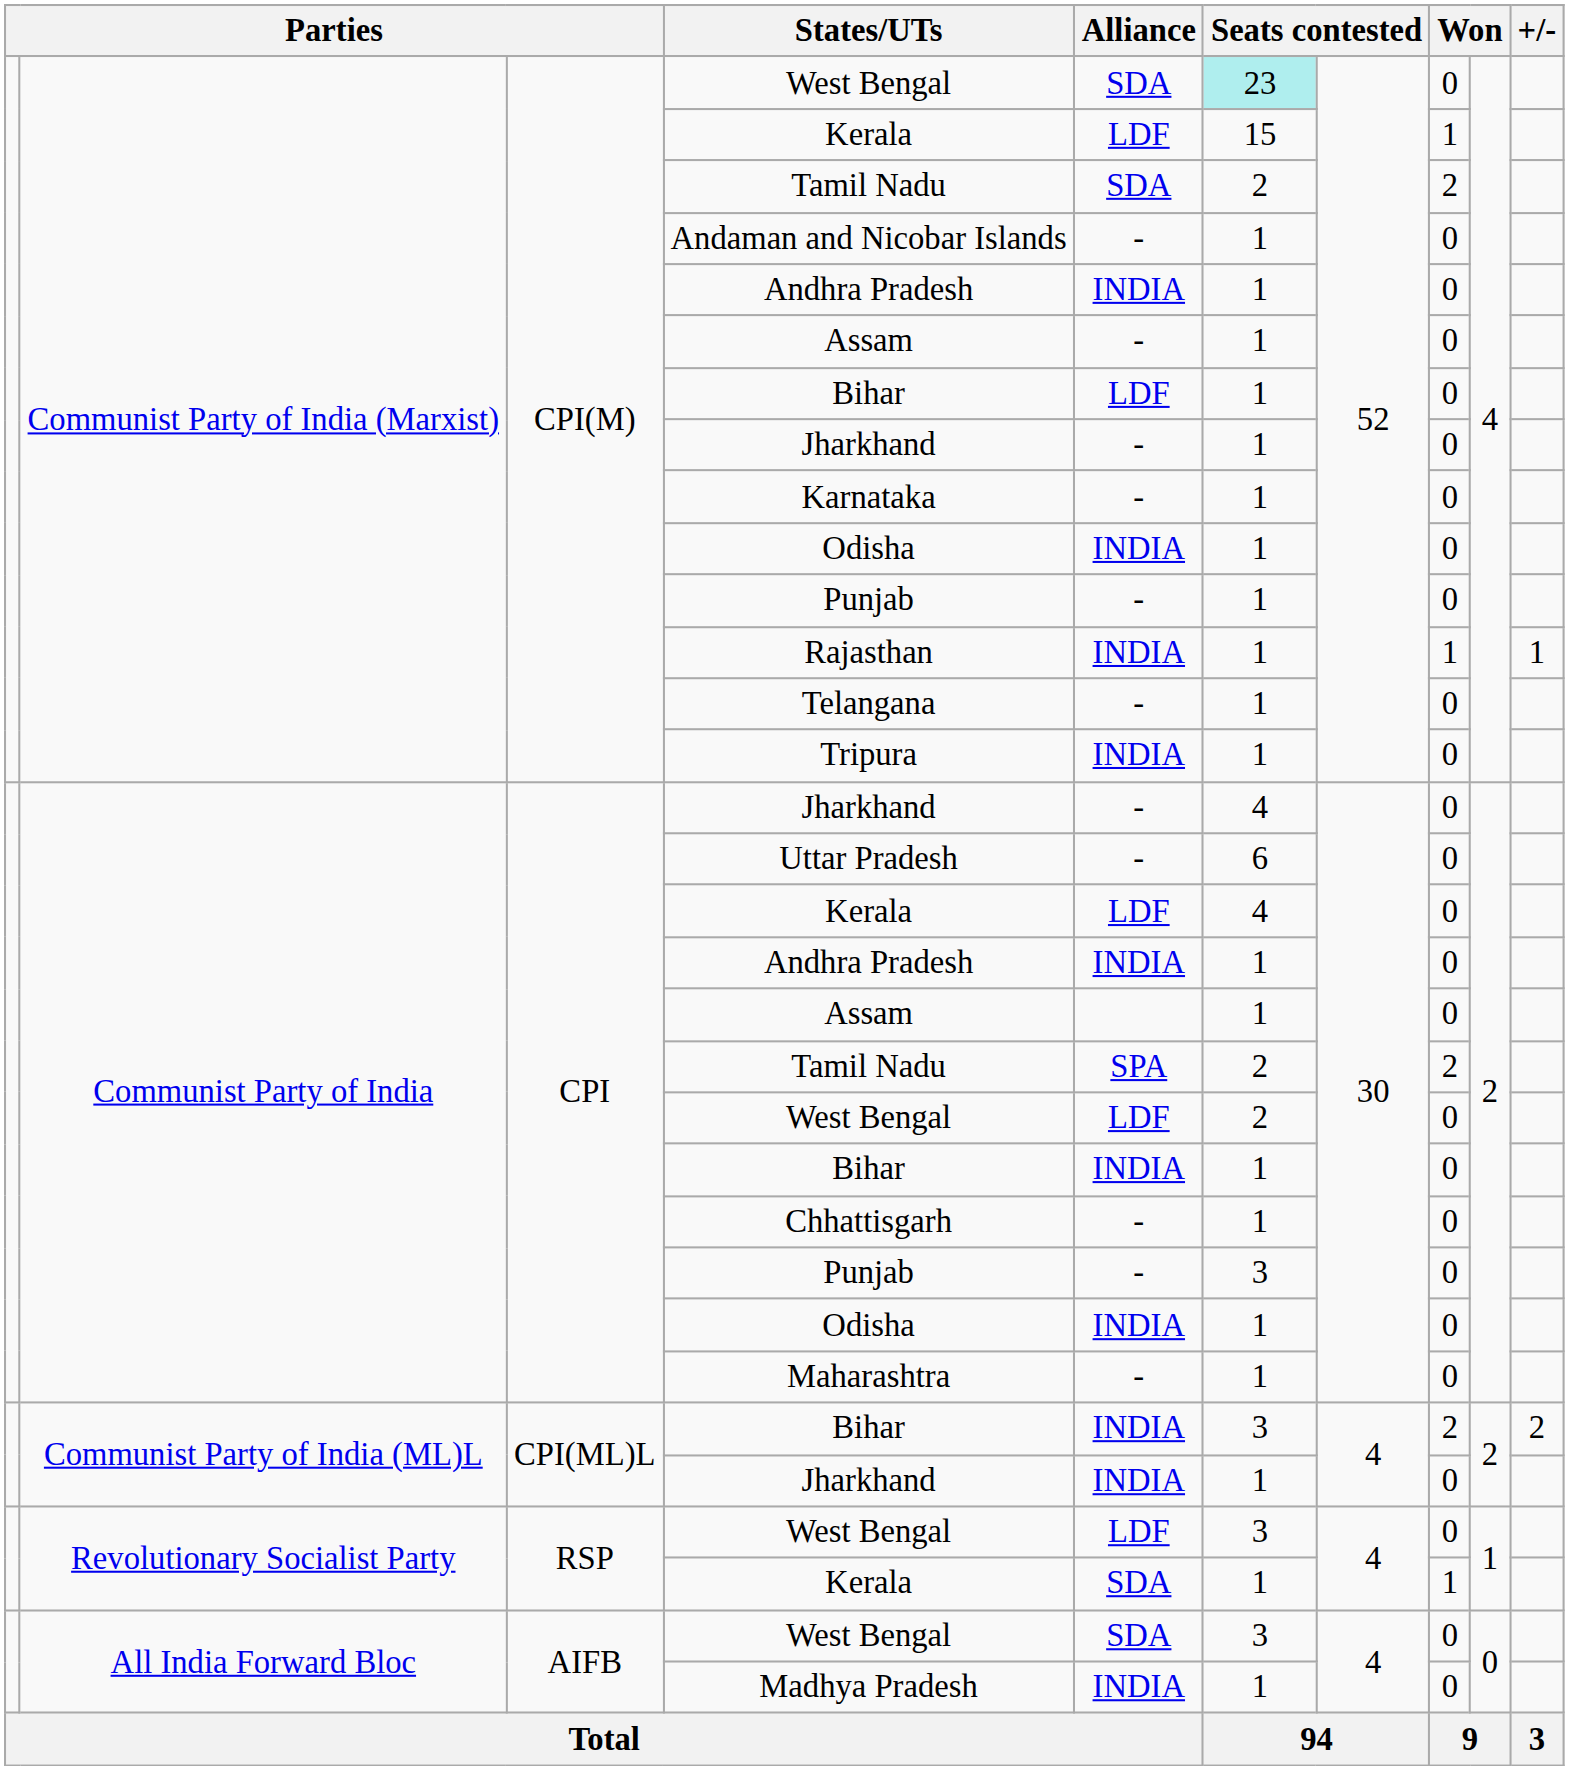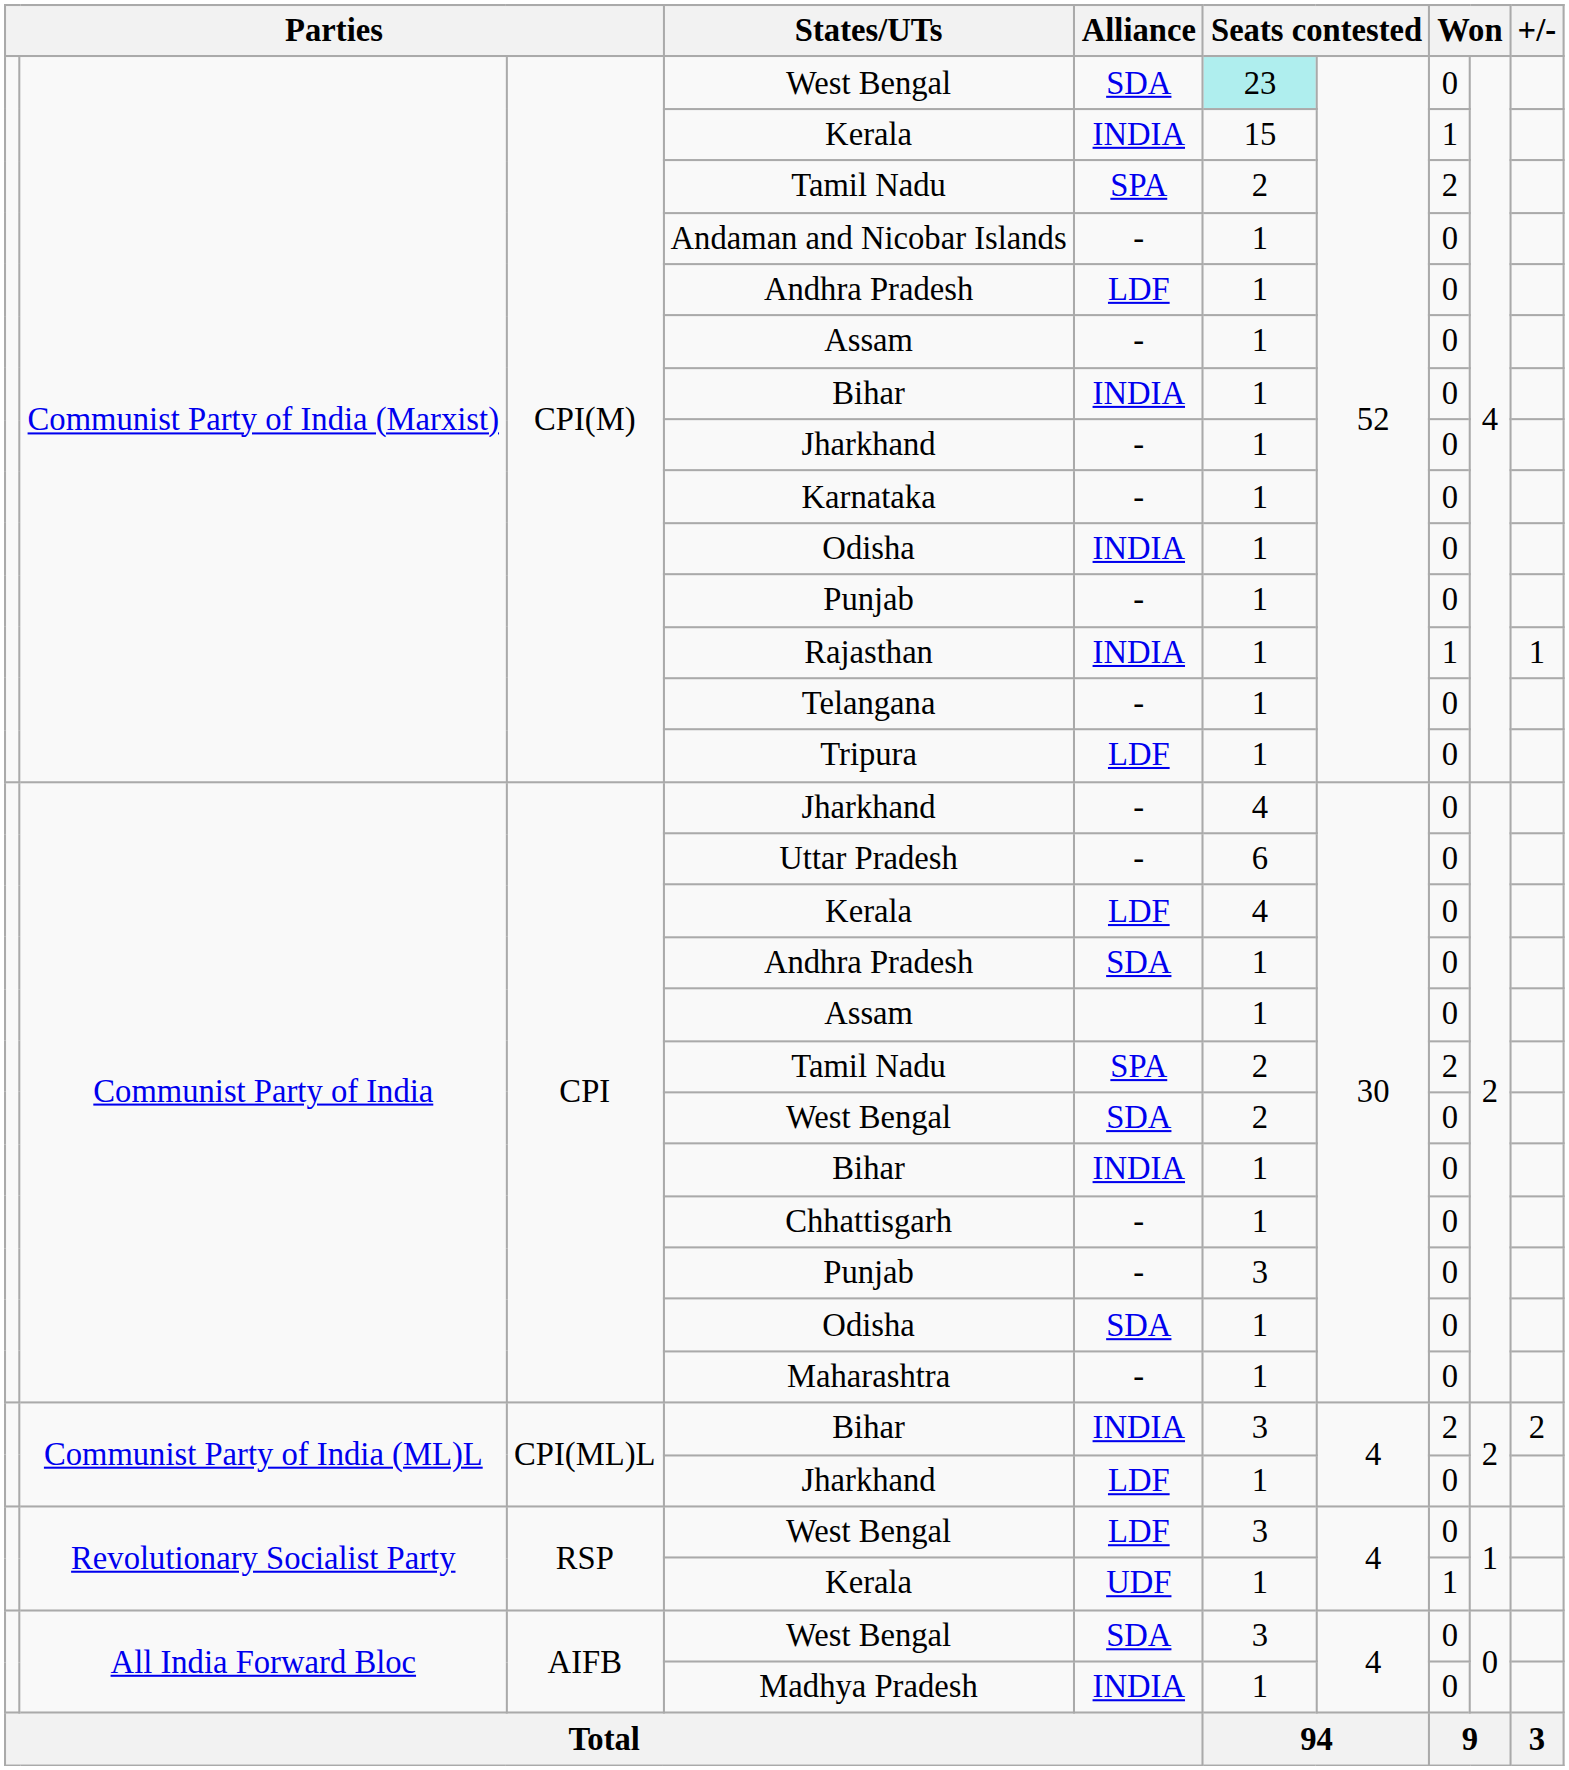 <table class="wikitable sortable sticky-header" style="text-align:center;">
 <tr>
 <th colspan="3"><strong>Parties</strong></th>
 <th>States/UTs</th>
 <th>Alliance</th>
 <th colspan="2">Seats contested</th>
 <th colspan="2">Won</th>
 <th>+/-</th>
 </tr>
 <tr>
 <td rowspan="14"></td>
 <td rowspan="14"><a href='#'>Communist Party of India (Marxist)</a></td>
 <td rowspan="14">CPI(M)</td>
 <td>West Bengal</td>
 <td><a href='#'>SDA</a></td>
 <td style="background: paleturquoise;">23</td>
 <td rowspan="14">52</td>
 <td>0</td>
 <td rowspan="14">4</td>
 <td></td>
 </tr>
 <tr>
 <td>Kerala</td>
-<td><a href='#'>LDF</a></td>
+<td><a href='#'>INDIA</a></td>
 <td>15</td>
 <td>1</td>
 <td></td>
 </tr>
 <tr>
 <td>Tamil Nadu</td>
-<td><a href='#'>SDA</a></td>
+<td><a href='#'>SPA</a></td>
 <td>2</td>
 <td>2</td>
 <td></td>
 </tr>
 <tr>
 <td>Andaman and Nicobar Islands</td>
 <td>-</td>
 <td>1</td>
 <td>0</td>
 <td></td>
 </tr>
 <tr>
 <td>Andhra Pradesh</td>
-<td><a href='#'>INDIA</a></td>
+<td><a href='#'>LDF</a></td>
 <td>1</td>
 <td>0</td>
 <td></td>
 </tr>
 <tr>
 <td>Assam</td>
 <td>-</td>
 <td>1</td>
 <td>0</td>
 <td></td>
 </tr>
 <tr>
 <td>Bihar</td>
-<td><a href='#'>LDF</a></td>
+<td><a href='#'>INDIA</a></td>
 <td>1</td>
 <td>0</td>
 <td></td>
 </tr>
 <tr>
 <td>Jharkhand</td>
 <td>-</td>
 <td>1</td>
 <td>0</td>
 <td></td>
 </tr>
 <tr>
 <td>Karnataka</td>
 <td>-</td>
 <td>1</td>
 <td>0</td>
 <td></td>
 </tr>
 <tr>
 <td>Odisha</td>
 <td><a href='#'>INDIA</a></td>
 <td>1</td>
 <td>0</td>
 <td></td>
 </tr>
 <tr>
 <td>Punjab</td>
 <td>-</td>
 <td>1</td>
 <td>0</td>
 <td></td>
 </tr>
 <tr>
 <td>Rajasthan</td>
 <td><a href='#'>INDIA</a></td>
 <td>1</td>
 <td>1</td>
 <td>1</td>
 </tr>
 <tr>
 <td>Telangana</td>
 <td>-</td>
 <td>1</td>
 <td>0</td>
 <td></td>
 </tr>
 <tr>
 <td>Tripura</td>
-<td><a href='#'>INDIA</a></td>
+<td><a href='#'>LDF</a></td>
 <td>1</td>
 <td>0</td>
 <td></td>
 </tr>
 <tr>
 <td rowspan="12"></td>
 <td rowspan="12"><a href='#'>Communist Party of India</a></td>
 <td rowspan="12">CPI</td>
 <td>Jharkhand</td>
 <td>-</td>
 <td>4</td>
 <td rowspan="12">30</td>
 <td>0</td>
 <td rowspan="12">2</td>
 <td></td>
 </tr>
 <tr>
 <td>Uttar Pradesh</td>
 <td>-</td>
 <td>6</td>
 <td>0</td>
 <td></td>
 </tr>
 <tr>
 <td>Kerala</td>
 <td><a href='#'>LDF</a></td>
 <td>4</td>
 <td>0</td>
 <td></td>
 </tr>
 <tr>
 <td>Andhra Pradesh</td>
-<td><a href='#'>INDIA</a></td>
+<td><a href='#'>SDA</a></td>
 <td>1</td>
 <td>0</td>
 <td></td>
 </tr>
 <tr>
 <td>Assam</td>
 <td></td>
 <td>1</td>
 <td>0</td>
 <td></td>
 </tr>
 <tr>
 <td>Tamil Nadu</td>
 <td><a href='#'>SPA</a></td>
 <td>2</td>
 <td>2</td>
 <td></td>
 </tr>
 <tr>
 <td>West Bengal</td>
-<td><a href='#'>LDF</a></td>
+<td><a href='#'>SDA</a></td>
 <td>2</td>
 <td>0</td>
 <td></td>
 </tr>
 <tr>
 <td>Bihar</td>
 <td><a href='#'>INDIA</a></td>
 <td>1</td>
 <td>0</td>
 <td></td>
 </tr>
 <tr>
 <td>Chhattisgarh</td>
 <td>-</td>
 <td>1</td>
 <td>0</td>
 <td></td>
 </tr>
 <tr>
 <td>Punjab</td>
 <td>-</td>
 <td>3</td>
 <td>0</td>
 <td></td>
 </tr>
 <tr>
 <td>Odisha</td>
-<td><a href='#'>INDIA</a></td>
+<td><a href='#'>SDA</a></td>
 <td>1</td>
 <td>0</td>
 <td></td>
 </tr>
 <tr>
 <td>Maharashtra</td>
 <td>-</td>
 <td>1</td>
 <td>0</td>
 <td></td>
 </tr>
 <tr>
 <td rowspan="2"></td>
 <td rowspan="2"><a href='#'>Communist Party of India (ML)L</a></td>
 <td rowspan="2">CPI(ML)L</td>
 <td>Bihar</td>
 <td><a href='#'>INDIA</a></td>
 <td>3</td>
 <td rowspan="2">4</td>
 <td>2</td>
 <td rowspan="2">2</td>
 <td>2</td>
 </tr>
 <tr>
 <td>Jharkhand</td>
-<td><a href='#'>INDIA</a></td>
+<td><a href='#'>LDF</a></td>
 <td>1</td>
 <td>0</td>
 <td></td>
 </tr>
 <tr>
 <td rowspan="2"></td>
 <td rowspan="2"><a href='#'>Revolutionary Socialist Party</a></td>
 <td rowspan="2">RSP</td>
 <td>West Bengal</td>
 <td><a href='#'>LDF</a></td>
 <td>3</td>
 <td rowspan="2">4</td>
 <td>0</td>
 <td rowspan="2">1</td>
 <td></td>
 </tr>
 <tr>
 <td>Kerala</td>
-<td><a href='#'>SDA</a></td>
+<td><a href='#'>UDF</a></td>
 <td>1</td>
 <td>1</td>
 <td></td>
 </tr>
 <tr>
 <td rowspan="2"></td>
 <td rowspan="2"><a href='#'>All India Forward Bloc</a></td>
 <td rowspan="2">AIFB</td>
 <td>West Bengal</td>
 <td><a href='#'>SDA</a></td>
 <td>3</td>
 <td rowspan=2>4</td>
 <td>0</td>
 <td rowspan="2">0</td>
 <td></td>
 </tr>
 <tr>
 <td>Madhya Pradesh</td>
 <td><a href='#'>INDIA</a></td>
 <td>1</td>
 <td>0</td>
 <td></td>
 </tr>
 <tr>
 <th colspan=5>Total</th>
 <th colspan="2">94</th>
 <th colspan="2">9</th>
 <th>3</th>
 </tr>
 </table>
